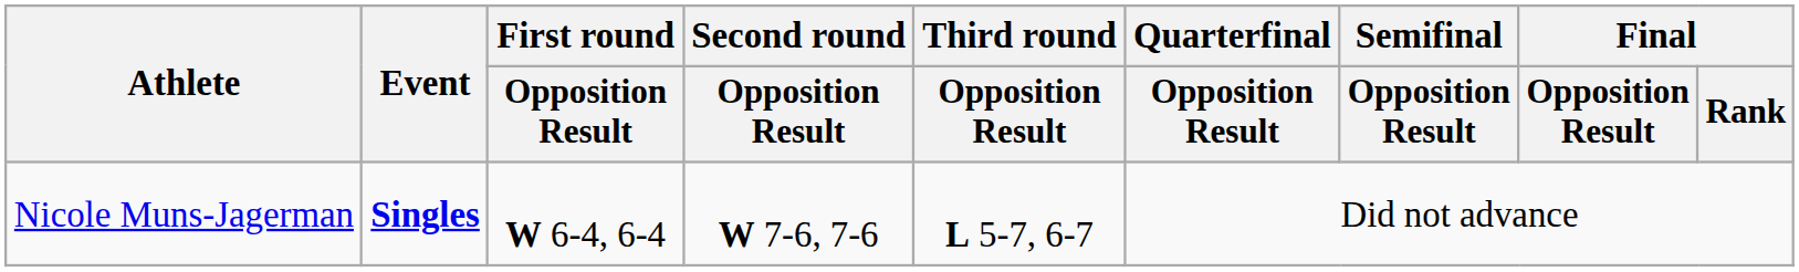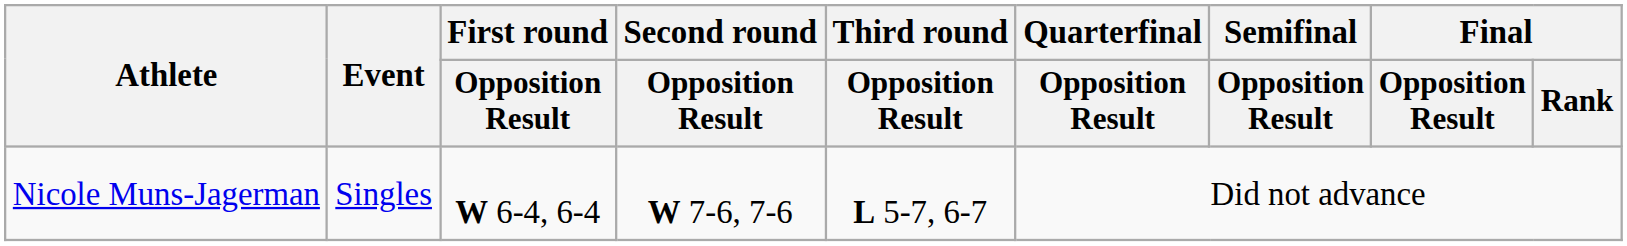 <table class=wikitable style=font-size:90%;text-align:center>
 <tr>
 <th rowspan=2>Athlete</th>
 <th rowspan=2>Event</th>
 <th>First round</th>
 <th>Second round</th>
 <th>Third round</th>
 <th>Quarterfinal</th>
 <th>Semifinal</th>
 <th colspan=2>Final</th>
 </tr>
 <tr style=font-size:95%>
 <th>Opposition<br>Result</th>
 <th>Opposition<br>Result</th>
 <th>Opposition<br>Result</th>
 <th>Opposition<br>Result</th>
 <th>Opposition<br>Result</th>
 <th>Opposition<br>Result</th>
 <th>Rank</th>
 </tr>
 <tr>
 <td align=left><a href='#'>Nicole Muns-Jagerman</a></td>
-<td align=left rowspan=1><strong><a href='#'>Singles</a></strong></td>
+<td align=left rowspan=1><a href='#'>Singles</a></td>
 <td><br><strong>W</strong> 6-4, 6-4</td>
 <td><br><strong>W</strong> 7-6, 7-6</td>
 <td><br><strong>L</strong> 5-7, 6-7</td>
 <td colspan=4>Did not advance</td>
 </tr>
 </table>
